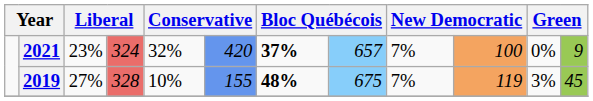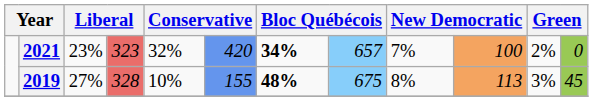 <table class="wikitable" style="width:400; font-size:90%; margin-left:1em;">
 <tr>
 <th colspan="2" scope="col">Year</th>
 <th colspan="2" scope="col"><a href='#'>Liberal</a></th>
 <th colspan="2" scope="col"><a href='#'>Conservative</a></th>
 <th colspan="2" scope="col"><a href='#'>Bloc Québécois</a></th>
 <th colspan="2" scope="col"><a href='#'>New Democratic</a></th>
 <th colspan="2" scope="col"><a href='#'>Green</a></th>
 </tr>
 <tr>
 <td rowspan="2" style="width: 0.25em; background-color: "></td>
 <th><a href='#'>2021</a></th>
 <td>23%</td>
-<td style="text-align:right; background:#EA6D6A;"><em>324</em></td>
+<td style="text-align:right; background:#EA6D6A;"><em>323</em></td>
 <td>32%</td>
 <td style="text-align:right; background:#6495ED;"><em>420</em></td>
-<td><strong>37%</strong></td>
+<td><strong>34%</strong></td>
 <td style="text-align:right; background:#87CEFA;"><em>657</em></td>
 <td>7%</td>
 <td style="text-align:right; background:#F4A460;"><em>100</em></td>
-<td>0%</td>
-<td style="text-align:right; background:#99C955;"><em>9</em></td>
+<td>2%</td>
+<td style="text-align:right; background:#99C955;"><em>0</em></td>
 </tr>
 <tr>
 <th><a href='#'>2019</a></th>
 <td>27%</td>
 <td style="text-align:right; background:#EA6D6A;"><em>328</em></td>
 <td>10%</td>
 <td style="text-align:right; background:#6495ED;"><em>155</em></td>
 <td><strong>48%</strong></td>
 <td style="text-align:right; background:#87CEFA;"><em>675</em></td>
-<td>7%</td>
-<td style="text-align:right; background:#F4A460;"><em>119</em></td>
+<td>8%</td>
+<td style="text-align:right; background:#F4A460;"><em>113</em></td>
 <td>3%</td>
 <td style="text-align:right; background:#99C955;"><em>45</em></td>
 </tr>
 <tr>
 </tr>
 </table>
